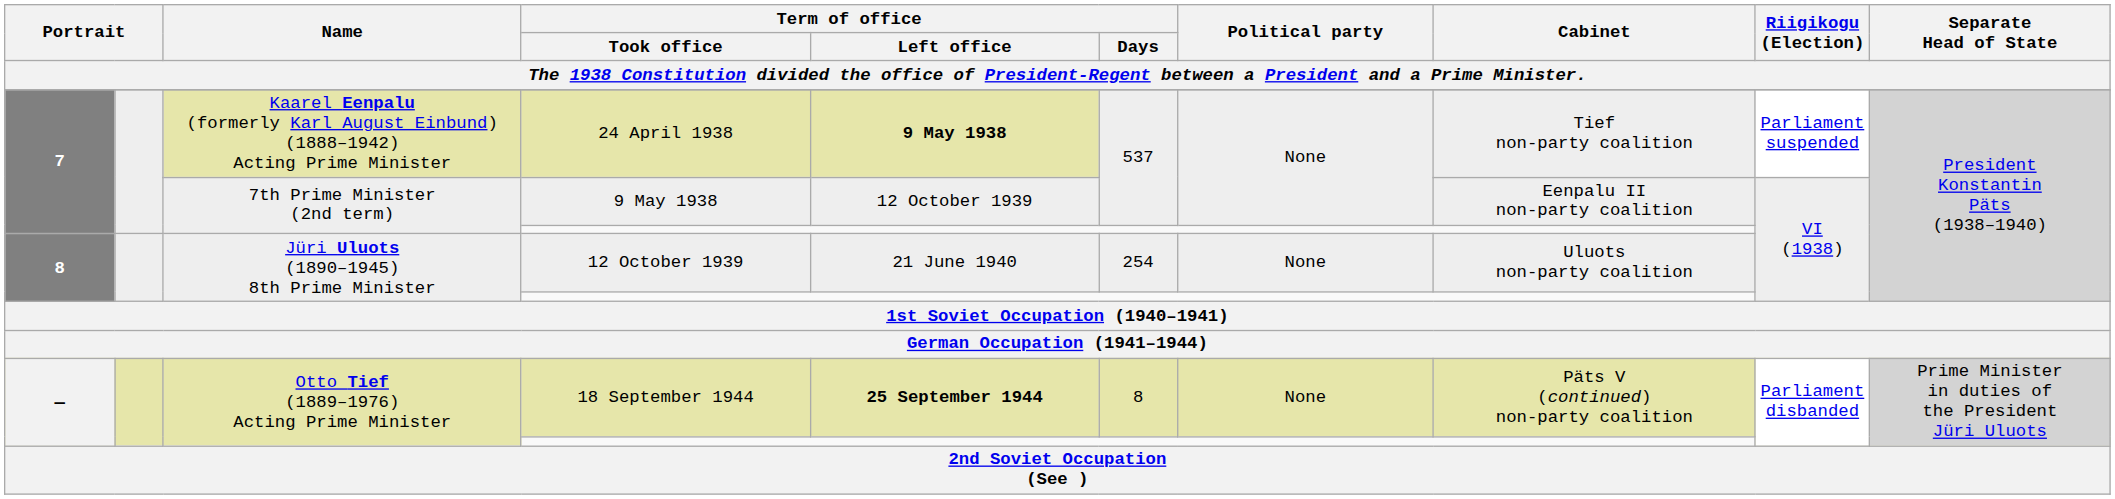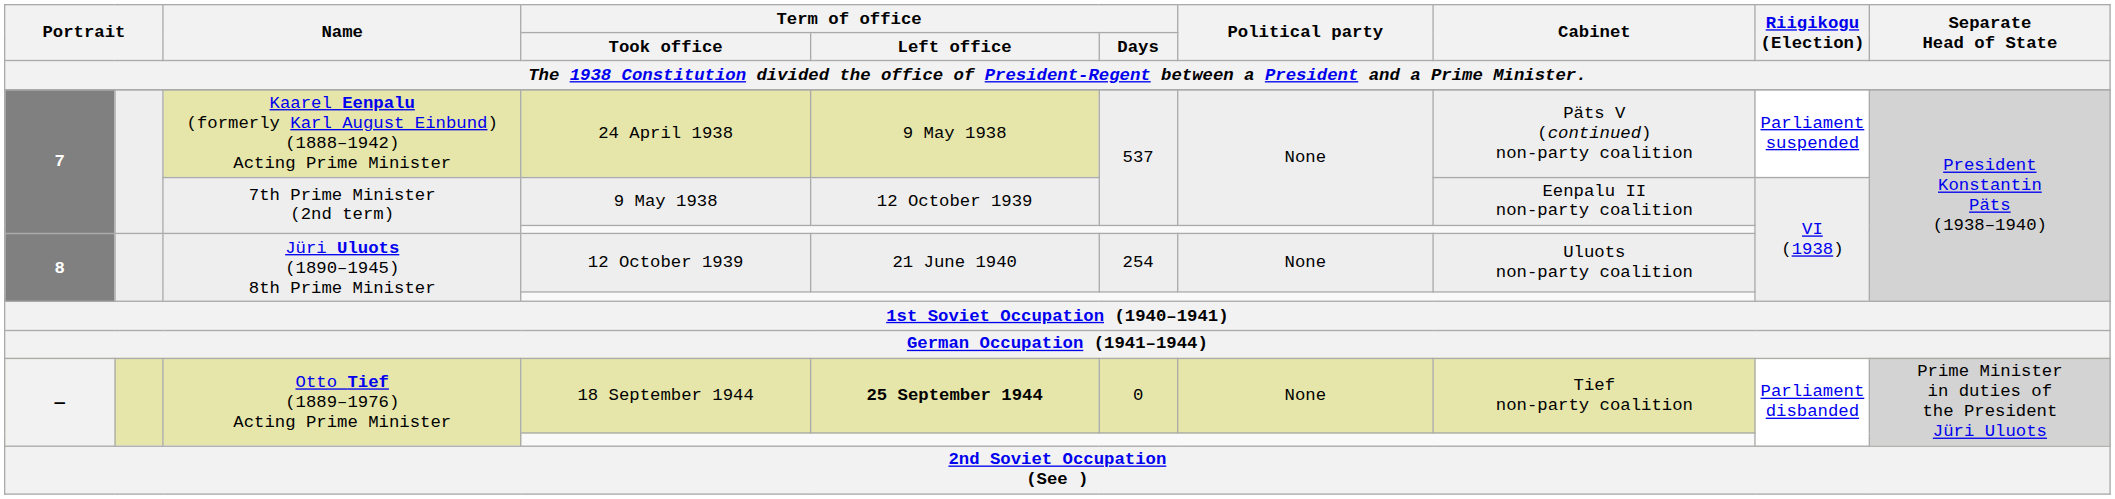 <table class="wikitable" style="text-align:center; width:100%; border:1px #AAAAFF solid">
 <tr>
 <th width=70 colspan=2 rowspan=2>Portrait</th>
 <th width=17% rowspan=2>Name</th>
 <th width=200 colspan=3>Term of office</th>
 <th rowspan=2>Political party</th>
 <th rowspan=2>Cabinet</th>
 <th width=80 rowspan=2><a href='#'>Riigikogu</a><br>(Election)</th>
 <th rowspan=2>Separate<br>Head of State</th>
 </tr>
 <tr>
 <th>Took office</th>
 <th>Left office</th>
 <th>Days</th>
 </tr>
 <tr>
 <th colspan=10><em>The <a href='#'>1938 Constitution</a> divided the office of <a href='#'>President-Regent</a> between a <a href='#'>President</a> and a Prime Minister.</em></th>
 </tr>
 <tr>
 </tr>
 <tr bgcolor=#EEEEEE>
 <th rowspan=3 style="background:gray; color:white">7</th>
 <td rowspan=3></td>
 <td bgcolor=#E6E6AA><a href='#'>Kaarel <strong>Eenpalu</strong></a><br>(formerly <a href='#'>Karl August Einbund</a>)<br>(1888–1942)<br>Acting Prime Minister</td>
 <td bgcolor=#E6E6AA>24 April 1938</td>
-<td bgcolor=#E6E6AA><strong>9 May 1938</strong></td>
+<td bgcolor=#E6E6AA>9 May 1938</td>
 <td rowspan=2>537</td>
 <td rowspan=2>None<br></td>
-<td>Tief<br>non-party coalition</td>
+<td>Päts V<br>(<em>continued</em>)<br>non-party coalition<br></td>
 <td bgcolor=white><a href='#'>Parliament<br>suspended</a><br></td>
 <td rowspan=5 bgcolor=#D3D3D3><a href='#'>President</a><br><a href='#'>Konstantin<br>Päts</a><br>(1938–1940)</td>
 </tr>
 <tr bgcolor=#EEEEEE>
 <td rowspan=2>7th Prime Minister<br>(2nd term)</td>
 <td>9 May 1938</td>
 <td>12 October 1939</td>
 <td>Eenpalu II<br>non-party coalition<br></td>
 <td rowspan=4><a href='#'>VI</a><br>(<a href='#'>1938</a>)</td>
 </tr>
 <tr>
 <td colspan="5" style="text-align:left;"></td>
 </tr>
 <tr bgcolor=#EEEEEE>
 <th rowspan=2 style="background:gray; color:white">8</th>
 <td rowspan=2></td>
 <td rowspan=2><a href='#'>Jüri <strong>Uluots</strong></a><br>(1890–1945)<br>8th Prime Minister</td>
 <td>12 October 1939</td>
 <td>21 June 1940<br></td>
 <td>254</td>
 <td>None<br></td>
 <td>Uluots<br>non-party coalition</td>
 </tr>
 <tr>
 <td colspan="5" style="text-align:left;"></td>
 </tr>
 <tr>
 <th colspan=10><a href='#'>1st Soviet Occupation</a> (1940–1941)</th>
 </tr>
 <tr>
 <th colspan=10><a href='#'>German Occupation</a> (1941–1944)</th>
 </tr>
 <tr bgcolor=#E6E6AA>
 <th rowspan=2 style="background:">—</th>
 <td rowspan=2></td>
 <td rowspan=2><a href='#'>Otto <strong>Tief</strong></a><br>(1889–1976)<br>Acting Prime Minister</td>
 <td>18 September 1944<br></td>
 <td><strong>25 September 1944<br></strong></td>
-<td>8</td>
+<td>0</td>
 <td>None</td>
-<td>Päts V<br>(<em>continued</em>)<br>non-party coalition<br></td>
+<td>Tief<br>non-party coalition</td>
 <td rowspan=2 bgcolor=white><a href='#'>Parliament<br>disbanded</a></td>
 <td rowspan=2 bgcolor=#D3D3D3>Prime Minister<br>in duties of<br>the President<br><a href='#'>Jüri Uluots</a><br></td>
 </tr>
 <tr>
 <td colspan="5" style="text-align:left;"></td>
 </tr>
 <tr>
 <th colspan=10><a href='#'>2nd Soviet Occupation</a><br>(See )</th>
 </tr>
 </table>
